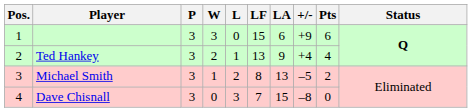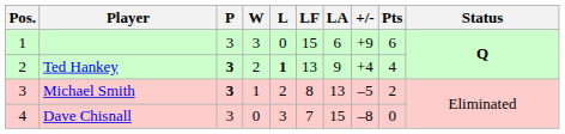 <table class="wikitable" style="text-align:center; margin: 1em auto 1em auto, align:left">
 <tr>
 <th width=20>Pos.</th>
 <th width=175>Player</th>
 <th width=20>P</th>
 <th width=20>W</th>
 <th width=20>L</th>
 <th width=20>LF</th>
 <th width=20>LA</th>
 <th width=20>+/-</th>
 <th width=20>Pts</th>
 <th width=150>Status</th>
 </tr>
 <tr style="background:#CCFFCC;">
 <td>1</td>
 <td style="text-align:left;"></td>
 <td>3</td>
 <td>3</td>
 <td>0</td>
 <td>15</td>
 <td>6</td>
 <td>+9</td>
 <td>6</td>
 <td rowspan=2><strong>Q</strong></td>
 </tr>
 <tr style="background:#CCFFCC;">
 <td>2</td>
 <td style="text-align:left;"> <a href='#'>Ted Hankey</a></td>
-<td>3</td>
+<td><strong>3</strong></td>
 <td>2</td>
-<td>1</td>
+<td><strong>1</strong></td>
 <td>13</td>
 <td>9</td>
 <td>+4</td>
 <td>4</td>
 </tr>
 <tr style="background:#FFCCCC;">
 <td>3</td>
 <td style="text-align:left;"> <a href='#'>Michael Smith</a></td>
-<td>3</td>
+<td><strong>3</strong></td>
 <td>1</td>
 <td>2</td>
 <td>8</td>
 <td>13</td>
 <td>–5</td>
 <td>2</td>
 <td rowspan=2>Eliminated</td>
 </tr>
 <tr style="background:#FFCCCC;">
 <td>4</td>
 <td style="text-align:left;"> <a href='#'>Dave Chisnall</a></td>
 <td>3</td>
 <td>0</td>
 <td>3</td>
 <td>7</td>
 <td>15</td>
 <td>–8</td>
 <td>0</td>
 </tr>
 </table>
